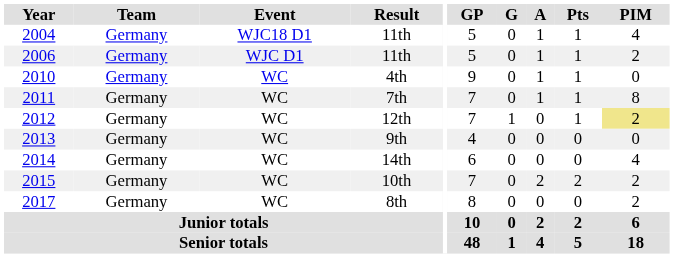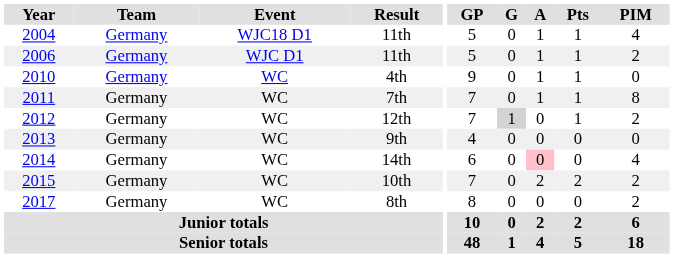 <table border="0" cellpadding="1" cellspacing="0" ID="Table3" style="text-align:center; width:40em">
 <tr ALIGN="center" bgcolor="#e0e0e0">
 <th>Year</th>
 <th>Team</th>
 <th>Event</th>
 <th>Result</th>
 <th rowspan="99" bgcolor="#ffffff"></th>
 <th>GP</th>
 <th>G</th>
 <th>A</th>
 <th>Pts</th>
 <th>PIM</th>
 </tr>
 <tr>
 <td><a href='#'>2004</a></td>
 <td><a href='#'>Germany</a></td>
 <td><a href='#'>WJC18 D1</a></td>
 <td>11th</td>
 <td>5</td>
 <td>0</td>
 <td>1</td>
 <td>1</td>
 <td>4</td>
 </tr>
 <tr bgcolor="#f0f0f0">
 <td><a href='#'>2006</a></td>
 <td><a href='#'>Germany</a></td>
 <td><a href='#'>WJC D1</a></td>
 <td>11th</td>
 <td>5</td>
 <td>0</td>
 <td>1</td>
 <td>1</td>
 <td>2</td>
 </tr>
 <tr>
 <td><a href='#'>2010</a></td>
 <td><a href='#'>Germany</a></td>
 <td><a href='#'>WC</a></td>
 <td>4th</td>
 <td>9</td>
 <td>0</td>
 <td>1</td>
 <td>1</td>
 <td>0</td>
 </tr>
 <tr bgcolor="#f0f0f0">
 <td><a href='#'>2011</a></td>
 <td>Germany</td>
 <td>WC</td>
 <td>7th</td>
 <td>7</td>
 <td>0</td>
 <td>1</td>
 <td>1</td>
 <td>8</td>
 </tr>
 <tr>
 <td><a href='#'>2012</a></td>
 <td>Germany</td>
 <td>WC</td>
 <td>12th</td>
 <td>7</td>
-<td>1</td>
+<td style="background: lightgrey;">1</td>
 <td>0</td>
 <td>1</td>
-<td style="background: khaki;">2</td>
+<td>2</td>
 </tr>
 <tr bgcolor="#f0f0f0">
 <td><a href='#'>2013</a></td>
 <td>Germany</td>
 <td>WC</td>
 <td>9th</td>
 <td>4</td>
 <td>0</td>
 <td>0</td>
 <td>0</td>
 <td>0</td>
 </tr>
 <tr>
 <td><a href='#'>2014</a></td>
 <td>Germany</td>
 <td>WC</td>
 <td>14th</td>
 <td>6</td>
 <td>0</td>
-<td>0</td>
+<td style="background: pink;">0</td>
 <td>0</td>
 <td>4</td>
 </tr>
 <tr bgcolor="#f0f0f0">
 <td><a href='#'>2015</a></td>
 <td>Germany</td>
 <td>WC</td>
 <td>10th</td>
 <td>7</td>
 <td>0</td>
 <td>2</td>
 <td>2</td>
 <td>2</td>
 </tr>
 <tr>
 <td><a href='#'>2017</a></td>
 <td>Germany</td>
 <td>WC</td>
 <td>8th</td>
 <td>8</td>
 <td>0</td>
 <td>0</td>
 <td>0</td>
 <td>2</td>
 </tr>
 <tr bgcolor="#e0e0e0">
 <th colspan="4">Junior totals</th>
 <th>10</th>
 <th>0</th>
 <th>2</th>
 <th>2</th>
 <th>6</th>
 </tr>
 <tr bgcolor="#e0e0e0">
 <th colspan="4">Senior totals</th>
 <th>48</th>
 <th>1</th>
 <th>4</th>
 <th>5</th>
 <th>18</th>
 </tr>
 </table>
